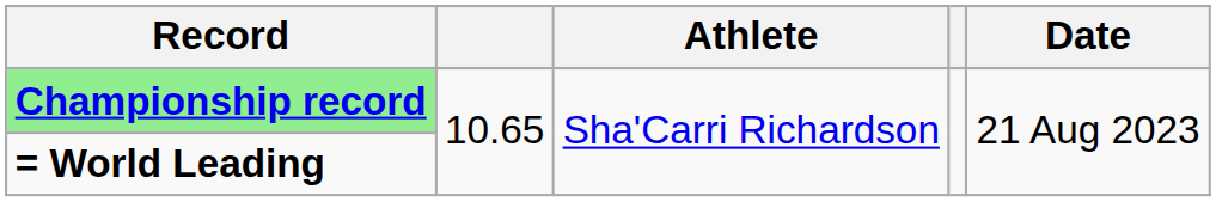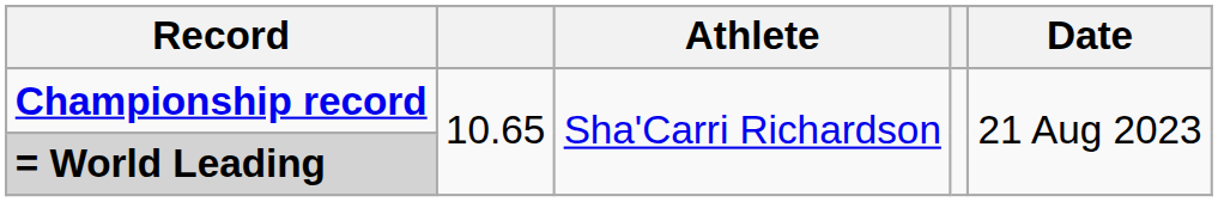 <table class="wikitable">
 <tr>
 <th>Record</th>
 <th></th>
 <th>Athlete</th>
 <th></th>
 <th>Date</th>
 </tr>
 <tr>
-<td style="background: lightgreen;"><strong><a href='#'>Championship record</a></strong></td>
+<td><strong><a href='#'>Championship record</a></strong></td>
 <td rowspan="2">10.65</td>
 <td rowspan="2"><a href='#'>Sha'Carri Richardson</a></td>
 <td rowspan="2"></td>
 <td rowspan=2 align=right>21 Aug 2023</td>
 </tr>
 <tr>
-<td><strong>= World Leading</strong></td>
+<td style="background: lightgrey;"><strong>= World Leading</strong></td>
 </tr>
 </table>
